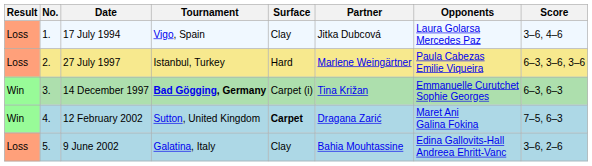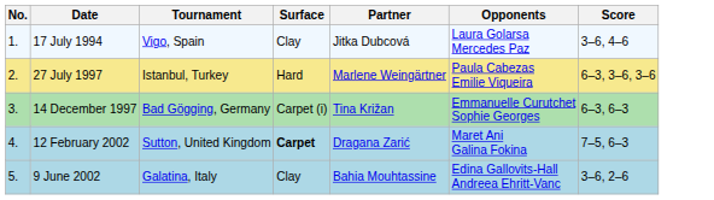 <table class="sortable wikitable" style="font-size:97%">
 <tr>
-<th>Result</th>
 <th>No.</th>
 <th>Date</th>
 <th>Tournament</th>
 <th>Surface</th>
 <th>Partner</th>
 <th>Opponents</th>
 <th class="unsortable">Score</th>
 </tr>
 <tr style="background:#f0f8ff;">
-<td style="background:#ffa07a;">Loss</td>
 <td>1.</td>
 <td>17 July 1994</td>
 <td><a href='#'>Vigo</a>, Spain</td>
 <td>Clay</td>
 <td> Jitka Dubcová</td>
 <td> <a href='#'>Laura Golarsa</a> <br>  <a href='#'>Mercedes Paz</a></td>
 <td>3–6, 4–6</td>
 </tr>
 <tr style="background:#f7e98e;">
-<td style="background:#ffa07a;">Loss</td>
 <td>2.</td>
 <td>27 July 1997</td>
 <td>Istanbul, Turkey</td>
 <td>Hard</td>
 <td> <a href='#'>Marlene Weingärtner</a></td>
 <td> <a href='#'>Paula Cabezas</a> <br>  <a href='#'>Emilie Viqueira</a></td>
 <td>6–3, 3–6, 3–6</td>
 </tr>
 <tr style="background:#addfad;">
-<td style="background:#98fb98;">Win</td>
 <td>3.</td>
 <td>14 December 1997</td>
-<td><strong><a href='#'>Bad Gögging</a>, Germany</strong></td>
+<td><a href='#'>Bad Gögging</a>, Germany</td>
 <td>Carpet (i)</td>
 <td> <a href='#'>Tina Križan</a></td>
 <td> <a href='#'>Emmanuelle Curutchet</a> <br>  <a href='#'>Sophie Georges</a></td>
 <td>6–3, 6–3</td>
 </tr>
 <tr style="background:lightblue;">
-<td style="background:#98fb98;">Win</td>
 <td>4.</td>
 <td>12 February 2002</td>
 <td><a href='#'>Sutton</a>, United Kingdom</td>
 <td><strong>Carpet</strong></td>
 <td> <a href='#'>Dragana Zarić</a></td>
 <td> <a href='#'>Maret Ani</a> <br>  <a href='#'>Galina Fokina</a></td>
 <td>7–5, 6–3</td>
 </tr>
 <tr style="background:lightblue;">
-<td style="background:#ffa07a;">Loss</td>
 <td>5.</td>
 <td>9 June 2002</td>
 <td><a href='#'>Galatina</a>, Italy</td>
 <td>Clay</td>
 <td> <a href='#'>Bahia Mouhtassine</a></td>
 <td> <a href='#'>Edina Gallovits-Hall</a> <br>  <a href='#'>Andreea Ehritt-Vanc</a></td>
 <td>3–6, 2–6</td>
 </tr>
 </table>
